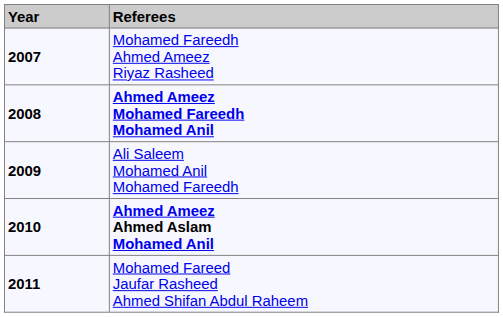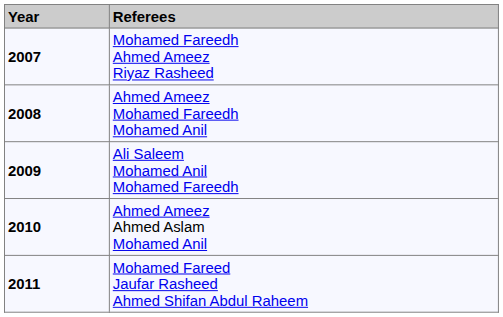 <table bgcolor="#f7f8ff" cellpadding="3" cellspacing="0" border="1" style="font-size: 95%; border: gray solid 1px; border-collapse: collapse;">
 <tr bgcolor="#CCCCCC">
 <td width="100"><strong>Year</strong></td>
 <td width="390"><strong>Referees</strong></td>
 </tr>
 <tr>
 <td><strong>2007</strong></td>
 <td> <a href='#'>Mohamed Fareedh</a><br> <a href='#'>Ahmed Ameez</a><br> <a href='#'>Riyaz Rasheed</a></td>
 </tr>
 <tr>
 <td><strong>2008</strong></td>
-<td><strong> <a href='#'>Ahmed Ameez</a><br> <a href='#'>Mohamed Fareedh</a><br> <a href='#'>Mohamed Anil</a></strong></td>
+<td> <a href='#'>Ahmed Ameez</a><br> <a href='#'>Mohamed Fareedh</a><br> <a href='#'>Mohamed Anil</a></td>
 </tr>
 <tr>
 <td><strong>2009</strong></td>
 <td> <a href='#'>Ali Saleem</a><br> <a href='#'>Mohamed Anil</a><br> <a href='#'>Mohamed Fareedh</a></td>
 </tr>
 <tr>
 <td><strong>2010</strong></td>
-<td><strong> <a href='#'>Ahmed Ameez</a><br> Ahmed Aslam<br> <a href='#'>Mohamed Anil</a></strong></td>
+<td> <a href='#'>Ahmed Ameez</a><br> Ahmed Aslam<br> <a href='#'>Mohamed Anil</a></td>
 </tr>
 <tr>
 <td><strong>2011</strong></td>
 <td> <a href='#'>Mohamed Fareed</a><br> <a href='#'>Jaufar Rasheed</a><br> <a href='#'>Ahmed Shifan Abdul Raheem</a></td>
 </tr>
 </table>
